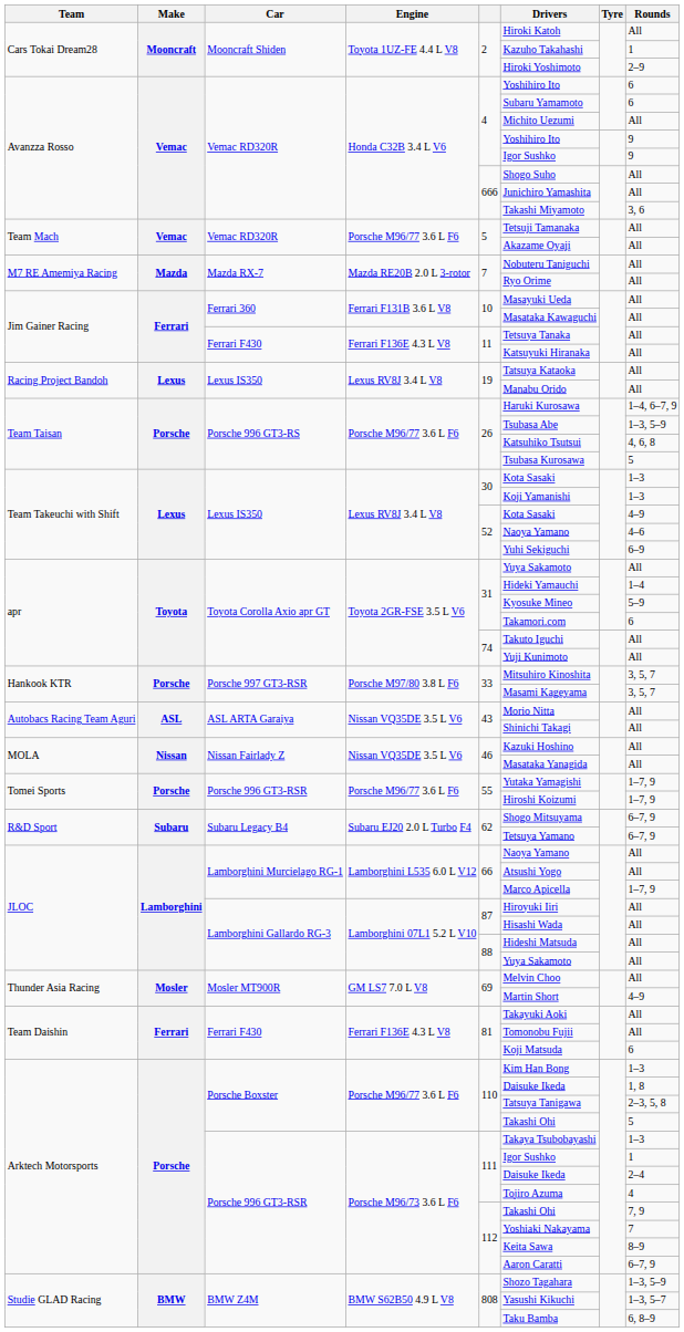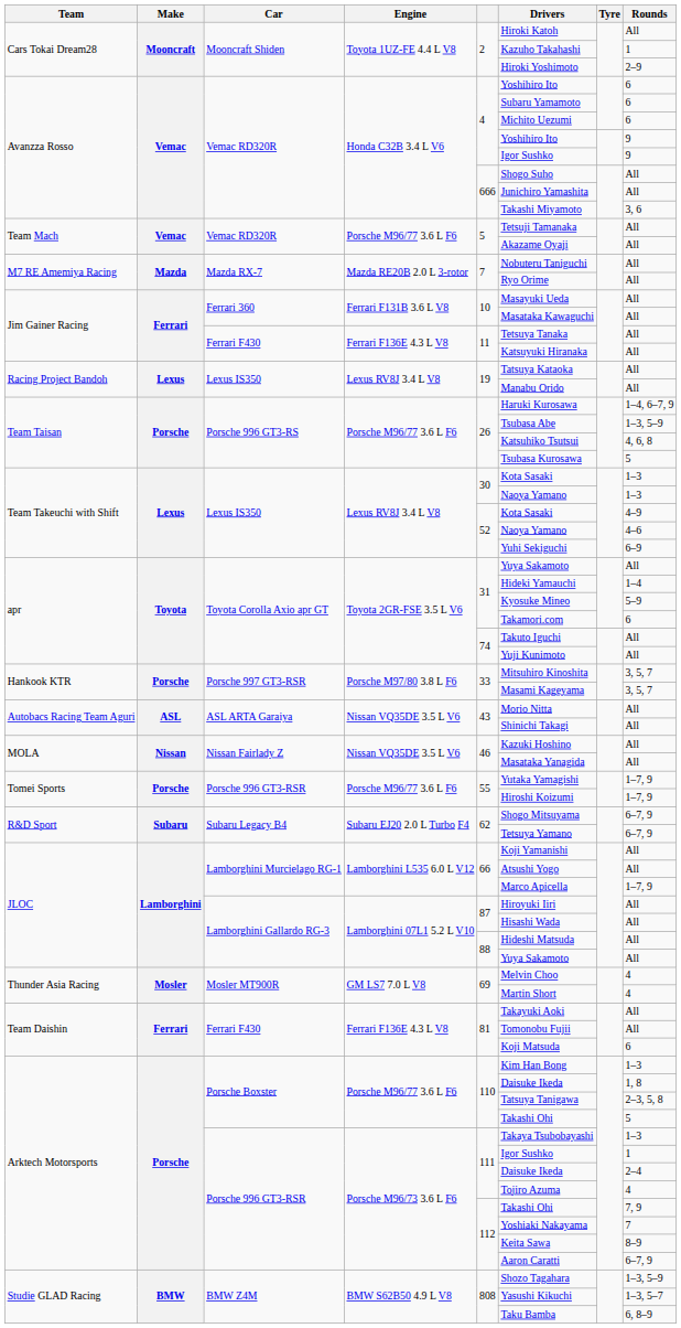 <table class="wikitable" style="font-size: 85%;">
 <tr>
 <th>Team</th>
 <th>Make</th>
 <th>Car</th>
 <th>Engine</th>
 <th></th>
 <th>Drivers</th>
 <th>Tyre</th>
 <th>Rounds</th>
 </tr>
 <tr>
 <td rowspan=3>Cars Tokai Dream28</td>
 <th rowspan=3><a href='#'>Mooncraft</a></th>
 <td rowspan=3><a href='#'>Mooncraft Shiden</a></td>
 <td rowspan=3><a href='#'>Toyota 1UZ-FE</a> 4.4 L <a href='#'>V8</a></td>
 <td rowspan=3>2</td>
 <td> <a href='#'>Hiroki Katoh</a></td>
 <td align=center rowspan=3></td>
 <td>All</td>
 </tr>
 <tr>
 <td> <a href='#'>Kazuho Takahashi</a></td>
 <td>1</td>
 </tr>
 <tr>
 <td> <a href='#'>Hiroki Yoshimoto</a></td>
 <td>2–9</td>
 </tr>
 <tr>
 <td rowspan=8>Avanzza Rosso</td>
 <th rowspan=8><a href='#'>Vemac</a></th>
 <td rowspan=8><a href='#'>Vemac RD320R</a></td>
 <td rowspan=8><a href='#'>Honda C32B</a> 3.4 L <a href='#'>V6</a></td>
 <td rowspan=5>4</td>
 <td> <a href='#'>Yoshihiro Ito</a></td>
 <td align="center" rowspan=3></td>
 <td>6</td>
 </tr>
 <tr>
 <td> <a href='#'>Subaru Yamamoto</a></td>
 <td>6</td>
 </tr>
 <tr>
 <td> <a href='#'>Michito Uezumi</a></td>
-<td>All</td>
+<td>6</td>
 </tr>
 <tr>
 <td> <a href='#'>Yoshihiro Ito</a></td>
 <td align="center" rowspan=2></td>
 <td>9</td>
 </tr>
 <tr>
 <td> <a href='#'>Igor Sushko</a></td>
 <td>9</td>
 </tr>
 <tr>
 <td rowspan=3>666</td>
 <td> <a href='#'>Shogo Suho</a></td>
 <td align="center" rowspan=3></td>
 <td>All</td>
 </tr>
 <tr>
 <td> <a href='#'>Junichiro Yamashita</a></td>
 <td>All</td>
 </tr>
 <tr>
 <td> <a href='#'>Takashi Miyamoto</a></td>
 <td>3, 6</td>
 </tr>
 <tr>
 <td rowspan=2>Team <a href='#'>Mach</a></td>
 <th rowspan=2><a href='#'>Vemac</a></th>
 <td rowspan=2><a href='#'>Vemac RD320R</a></td>
 <td rowspan=2><a href='#'>Porsche M96/77</a> 3.6 L <a href='#'>F6</a></td>
 <td rowspan=2>5</td>
 <td> <a href='#'>Tetsuji Tamanaka</a></td>
 <td align="center" rowspan=2></td>
 <td>All</td>
 </tr>
 <tr>
 <td> <a href='#'>Akazame Oyaji</a></td>
 <td>All</td>
 </tr>
 <tr>
 <td rowspan=2><a href='#'>M7 RE Amemiya Racing</a></td>
 <th rowspan=2><a href='#'>Mazda</a></th>
 <td rowspan=2><a href='#'>Mazda RX-7</a></td>
 <td rowspan=2><a href='#'>Mazda RE20B</a> 2.0 L <a href='#'>3-rotor</a></td>
 <td rowspan=2>7</td>
 <td> <a href='#'>Nobuteru Taniguchi</a></td>
 <td align="center" rowspan=2></td>
 <td>All</td>
 </tr>
 <tr>
 <td> <a href='#'>Ryo Orime</a></td>
 <td>All</td>
 </tr>
 <tr>
 <td rowspan=4>Jim Gainer Racing</td>
 <th rowspan=4><a href='#'>Ferrari</a></th>
 <td rowspan=2><a href='#'>Ferrari 360</a></td>
 <td rowspan=2><a href='#'>Ferrari F131B</a> 3.6 L <a href='#'>V8</a></td>
 <td rowspan=2>10</td>
 <td> <a href='#'>Masayuki Ueda</a></td>
 <td align="center" rowspan=4></td>
 <td>All</td>
 </tr>
 <tr>
 <td> <a href='#'>Masataka Kawaguchi</a></td>
 <td>All</td>
 </tr>
 <tr>
 <td rowspan=2><a href='#'>Ferrari F430</a></td>
 <td rowspan=2><a href='#'>Ferrari F136E</a> 4.3 L <a href='#'>V8</a></td>
 <td rowspan=2>11</td>
 <td> <a href='#'>Tetsuya Tanaka</a></td>
 <td>All</td>
 </tr>
 <tr>
 <td> <a href='#'>Katsuyuki Hiranaka</a></td>
 <td>All</td>
 </tr>
 <tr>
 <td rowspan=2><a href='#'>Racing Project Bandoh</a></td>
 <th rowspan=2><a href='#'>Lexus</a></th>
 <td rowspan=2><a href='#'>Lexus IS350</a></td>
 <td rowspan=2><a href='#'>Lexus RV8J</a> 3.4 L <a href='#'>V8</a></td>
 <td rowspan=2>19</td>
 <td> <a href='#'>Tatsuya Kataoka</a></td>
 <td align=center rowspan=2></td>
 <td>All</td>
 </tr>
 <tr>
 <td> <a href='#'>Manabu Orido</a></td>
 <td>All</td>
 </tr>
 <tr>
 <td rowspan=4><a href='#'>Team Taisan</a></td>
 <th rowspan=4><a href='#'>Porsche</a></th>
 <td rowspan=4><a href='#'>Porsche 996 GT3-RS</a></td>
 <td rowspan=4><a href='#'>Porsche M96/77</a> 3.6 L <a href='#'>F6</a></td>
 <td rowspan=4>26</td>
 <td> <a href='#'>Haruki Kurosawa</a></td>
 <td align="center" rowspan=4></td>
 <td>1–4, 6–7, 9</td>
 </tr>
 <tr>
 <td> <a href='#'>Tsubasa Abe</a></td>
 <td>1–3, 5–9</td>
 </tr>
 <tr>
 <td> <a href='#'>Katsuhiko Tsutsui</a></td>
 <td>4, 6, 8</td>
 </tr>
 <tr>
 <td> <a href='#'>Tsubasa Kurosawa</a></td>
 <td>5</td>
 </tr>
 <tr>
 <td rowspan=5>Team Takeuchi with Shift</td>
 <th rowspan=5><a href='#'>Lexus</a></th>
 <td rowspan=5><a href='#'>Lexus IS350</a></td>
 <td rowspan=5><a href='#'>Lexus RV8J</a> 3.4 L <a href='#'>V8</a></td>
 <td rowspan=2>30</td>
 <td> <a href='#'>Kota Sasaki</a></td>
 <td align="center" rowspan=5></td>
 <td>1–3</td>
 </tr>
 <tr>
-<td> <a href='#'>Koji Yamanishi</a></td>
+<td> <a href='#'>Naoya Yamano</a></td>
 <td>1–3</td>
 </tr>
 <tr>
 <td rowspan=3>52</td>
 <td> <a href='#'>Kota Sasaki</a></td>
 <td>4–9</td>
 </tr>
 <tr>
 <td> <a href='#'>Naoya Yamano</a></td>
 <td>4–6</td>
 </tr>
 <tr>
 <td> <a href='#'>Yuhi Sekiguchi</a></td>
 <td>6–9</td>
 </tr>
 <tr>
 <td rowspan=6>apr</td>
 <th rowspan=6><a href='#'>Toyota</a></th>
 <td rowspan=6><a href='#'>Toyota Corolla Axio apr GT</a></td>
 <td rowspan=6><a href='#'>Toyota 2GR-FSE</a> 3.5 L <a href='#'>V6</a></td>
 <td rowspan=4>31</td>
 <td> <a href='#'>Yuya Sakamoto</a></td>
 <td align="center" rowspan=4></td>
 <td>All</td>
 </tr>
 <tr>
 <td> <a href='#'>Hideki Yamauchi</a></td>
 <td>1–4</td>
 </tr>
 <tr>
 <td> <a href='#'>Kyosuke Mineo</a></td>
 <td>5–9</td>
 </tr>
 <tr>
 <td> <a href='#'>Takamori.com</a></td>
 <td>6</td>
 </tr>
 <tr>
 <td rowspan=2>74</td>
 <td> <a href='#'>Takuto Iguchi</a></td>
 <td align="center" rowspan=2></td>
 <td>All</td>
 </tr>
 <tr>
 <td> <a href='#'>Yuji Kunimoto</a></td>
 <td>All</td>
 </tr>
 <tr>
 <td rowspan=2>Hankook KTR</td>
 <th rowspan=2><a href='#'>Porsche</a></th>
 <td rowspan=2><a href='#'>Porsche 997 GT3-RSR</a></td>
 <td rowspan=2><a href='#'>Porsche M97/80</a> 3.8 L <a href='#'>F6</a></td>
 <td rowspan=2>33</td>
 <td> <a href='#'>Mitsuhiro Kinoshita</a></td>
 <td align=center rowspan=2></td>
 <td>3, 5, 7</td>
 </tr>
 <tr>
 <td> <a href='#'>Masami Kageyama</a></td>
 <td>3, 5, 7</td>
 </tr>
 <tr>
 <td rowspan=2><a href='#'>Autobacs Racing Team Aguri</a></td>
 <th rowspan=2><a href='#'>ASL</a></th>
 <td rowspan=2><a href='#'>ASL ARTA Garaiya</a></td>
 <td rowspan=2><a href='#'>Nissan VQ35DE</a> 3.5 L <a href='#'>V6</a></td>
 <td rowspan=2>43</td>
 <td> <a href='#'>Morio Nitta</a></td>
 <td align=center rowspan=2></td>
 <td>All</td>
 </tr>
 <tr>
 <td> <a href='#'>Shinichi Takagi</a></td>
 <td>All</td>
 </tr>
 <tr>
 <td rowspan=2>MOLA</td>
 <th rowspan=2><a href='#'>Nissan</a></th>
 <td rowspan=2><a href='#'>Nissan Fairlady Z</a></td>
 <td rowspan=2><a href='#'>Nissan VQ35DE</a> 3.5 L <a href='#'>V6</a></td>
 <td rowspan=2>46</td>
 <td> <a href='#'>Kazuki Hoshino</a></td>
 <td align=center rowspan=2></td>
 <td>All</td>
 </tr>
 <tr>
 <td> <a href='#'>Masataka Yanagida</a></td>
 <td>All</td>
 </tr>
 <tr>
 <td rowspan=2>Tomei Sports</td>
 <th rowspan=2><a href='#'>Porsche</a></th>
 <td rowspan=2><a href='#'>Porsche 996 GT3-RSR</a></td>
 <td rowspan=2><a href='#'>Porsche M96/77</a> 3.6 L <a href='#'>F6</a></td>
 <td rowspan=2>55</td>
 <td> <a href='#'>Yutaka Yamagishi</a></td>
 <td align="center" rowspan=2></td>
 <td>1–7, 9</td>
 </tr>
 <tr>
 <td> <a href='#'>Hiroshi Koizumi</a></td>
 <td>1–7, 9</td>
 </tr>
 <tr>
 <td rowspan=2><a href='#'>R&D Sport</a></td>
 <th rowspan=2><a href='#'>Subaru</a></th>
 <td rowspan=2><a href='#'>Subaru Legacy B4</a></td>
 <td rowspan=2><a href='#'>Subaru EJ20</a> 2.0 L <a href='#'>Turbo</a> <a href='#'>F4</a></td>
 <td rowspan=2>62</td>
 <td> <a href='#'>Shogo Mitsuyama</a></td>
 <td align=center rowspan=2></td>
 <td>6–7, 9</td>
 </tr>
 <tr>
 <td> <a href='#'>Tetsuya Yamano</a></td>
 <td>6–7, 9</td>
 </tr>
 <tr>
 <td rowspan=7><a href='#'>JLOC</a></td>
 <th rowspan=7><a href='#'>Lamborghini</a></th>
 <td rowspan=3><a href='#'>Lamborghini Murcielago RG-1</a></td>
 <td rowspan=3><a href='#'>Lamborghini L535</a> 6.0 L <a href='#'>V12</a></td>
 <td rowspan=3>66</td>
-<td> <a href='#'>Naoya Yamano</a></td>
+<td> <a href='#'>Koji Yamanishi</a></td>
 <td align="center" rowspan=7></td>
 <td>All</td>
 </tr>
 <tr>
 <td> <a href='#'>Atsushi Yogo</a></td>
 <td>All</td>
 </tr>
 <tr>
 <td> <a href='#'>Marco Apicella</a></td>
 <td>1–7, 9</td>
 </tr>
 <tr>
 <td rowspan=4><a href='#'>Lamborghini Gallardo RG-3</a></td>
 <td rowspan=4><a href='#'>Lamborghini 07L1</a> 5.2 L <a href='#'>V10</a></td>
 <td rowspan=2>87</td>
 <td> <a href='#'>Hiroyuki Iiri</a></td>
 <td>All</td>
 </tr>
 <tr>
 <td> <a href='#'>Hisashi Wada</a></td>
 <td>All</td>
 </tr>
 <tr>
 <td rowspan=2>88</td>
 <td> <a href='#'>Hideshi Matsuda</a></td>
 <td>All</td>
 </tr>
 <tr>
 <td> <a href='#'>Yuya Sakamoto</a></td>
 <td>All</td>
 </tr>
 <tr>
 <td rowspan=2>Thunder Asia Racing</td>
 <th rowspan=2><a href='#'>Mosler</a></th>
 <td rowspan=2><a href='#'>Mosler MT900R</a></td>
 <td rowspan=2><a href='#'>GM LS7</a> 7.0 L <a href='#'>V8</a></td>
 <td rowspan=2>69</td>
 <td> <a href='#'>Melvin Choo</a></td>
 <td align="center" rowspan=2></td>
-<td>All</td>
+<td>4</td>
 </tr>
 <tr>
 <td> <a href='#'>Martin Short</a></td>
-<td>4–9</td>
+<td>4</td>
 </tr>
 <tr>
 <td rowspan=3>Team Daishin</td>
 <th rowspan=3><a href='#'>Ferrari</a></th>
 <td rowspan=3><a href='#'>Ferrari F430</a></td>
 <td rowspan=3><a href='#'>Ferrari F136E</a> 4.3 L <a href='#'>V8</a></td>
 <td rowspan=3>81</td>
 <td> <a href='#'>Takayuki Aoki</a></td>
 <td align="center" rowspan=3></td>
 <td>All</td>
 </tr>
 <tr>
 <td> <a href='#'>Tomonobu Fujii</a></td>
 <td>All</td>
 </tr>
 <tr>
 <td> <a href='#'>Koji Matsuda</a></td>
 <td>6</td>
 </tr>
 <tr>
 <td rowspan=12>Arktech Motorsports</td>
 <th rowspan=12><a href='#'>Porsche</a></th>
 <td rowspan=4><a href='#'>Porsche Boxster</a></td>
 <td rowspan=4><a href='#'>Porsche M96/77</a> 3.6 L <a href='#'>F6</a></td>
 <td rowspan=4>110</td>
 <td> <a href='#'>Kim Han Bong</a></td>
 <td align="center" rowspan=12></td>
 <td>1–3</td>
 </tr>
 <tr>
 <td> <a href='#'>Daisuke Ikeda</a></td>
 <td>1, 8</td>
 </tr>
 <tr>
 <td> <a href='#'>Tatsuya Tanigawa</a></td>
 <td>2–3, 5, 8</td>
 </tr>
 <tr>
 <td> <a href='#'>Takashi Ohi</a></td>
 <td>5</td>
 </tr>
 <tr>
 <td rowspan=8><a href='#'>Porsche 996 GT3-RSR</a></td>
 <td rowspan=8><a href='#'>Porsche M96/73</a> 3.6 L <a href='#'>F6</a></td>
 <td rowspan=4>111</td>
 <td> <a href='#'>Takaya Tsubobayashi</a></td>
 <td>1–3</td>
 </tr>
 <tr>
 <td> <a href='#'>Igor Sushko</a></td>
 <td>1</td>
 </tr>
 <tr>
 <td> <a href='#'>Daisuke Ikeda</a></td>
 <td>2–4</td>
 </tr>
 <tr>
 <td> <a href='#'>Tojiro Azuma</a></td>
 <td>4</td>
 </tr>
 <tr>
 <td rowspan=4>112</td>
 <td> <a href='#'>Takashi Ohi</a></td>
 <td>7, 9</td>
 </tr>
 <tr>
 <td> <a href='#'>Yoshiaki Nakayama</a></td>
 <td>7</td>
 </tr>
 <tr>
 <td> <a href='#'>Keita Sawa</a></td>
 <td>8–9</td>
 </tr>
 <tr>
 <td> <a href='#'>Aaron Caratti</a></td>
 <td>6–7, 9</td>
 </tr>
 <tr>
 <td rowspan=3><a href='#'>Studie</a> GLAD Racing</td>
 <th rowspan=3><a href='#'>BMW</a></th>
 <td rowspan=3><a href='#'>BMW Z4M</a></td>
 <td rowspan=3><a href='#'>BMW S62B50</a> 4.9 L <a href='#'>V8</a></td>
 <td rowspan=3>808</td>
 <td> <a href='#'>Shozo Tagahara</a></td>
 <td align="center" rowspan=3></td>
 <td>1–3, 5–9</td>
 </tr>
 <tr>
 <td> <a href='#'>Yasushi Kikuchi</a></td>
 <td>1–3, 5–7</td>
 </tr>
 <tr>
 <td> <a href='#'>Taku Bamba</a></td>
 <td>6, 8–9</td>
 </tr>
 </table>
